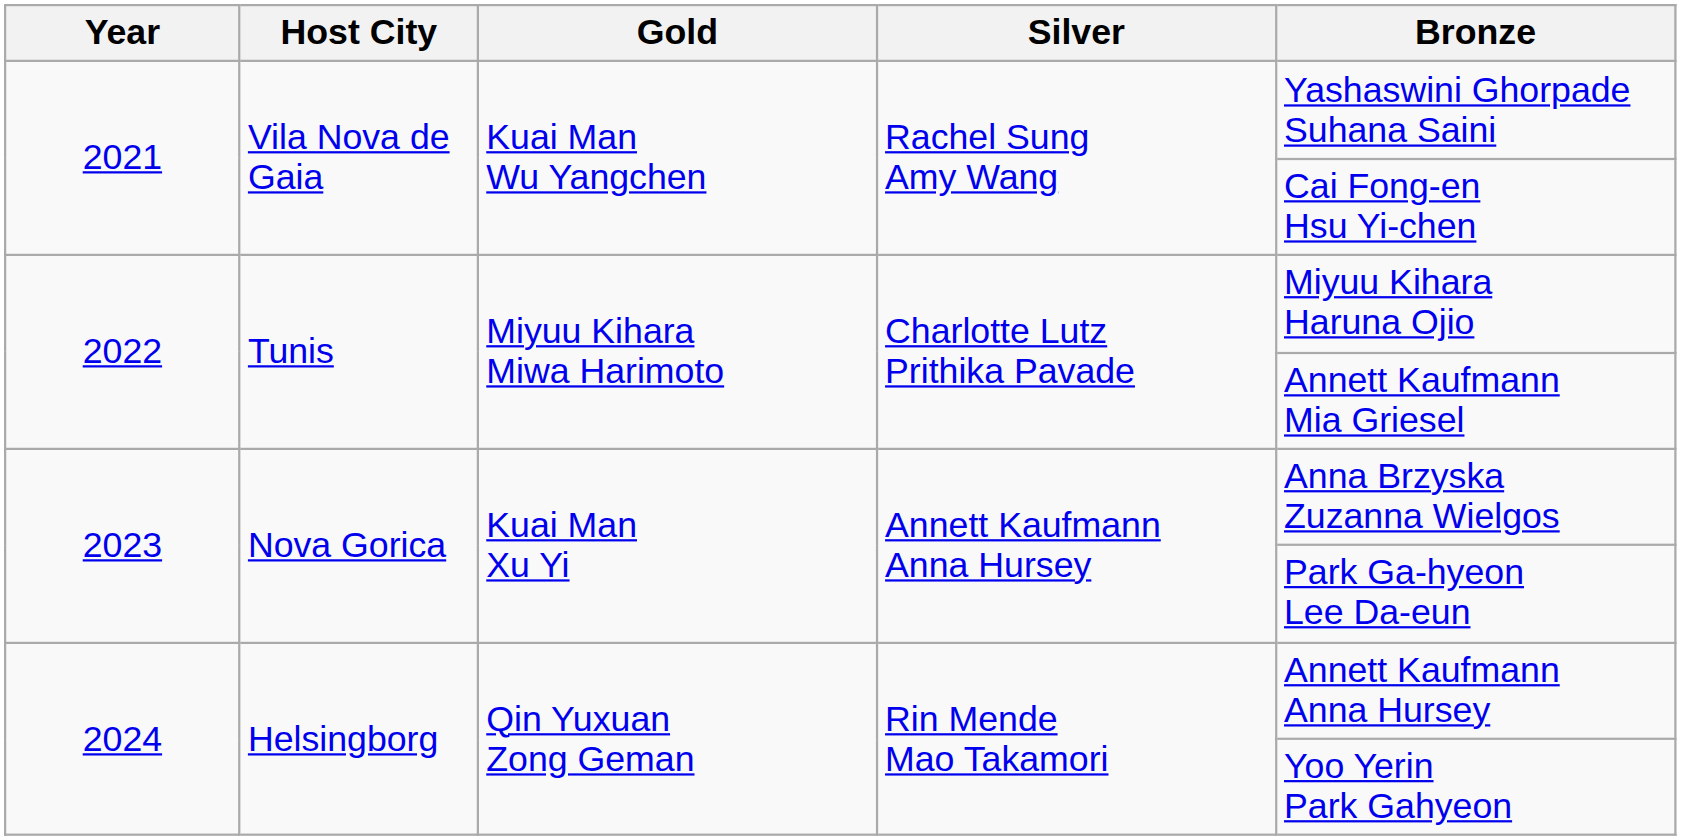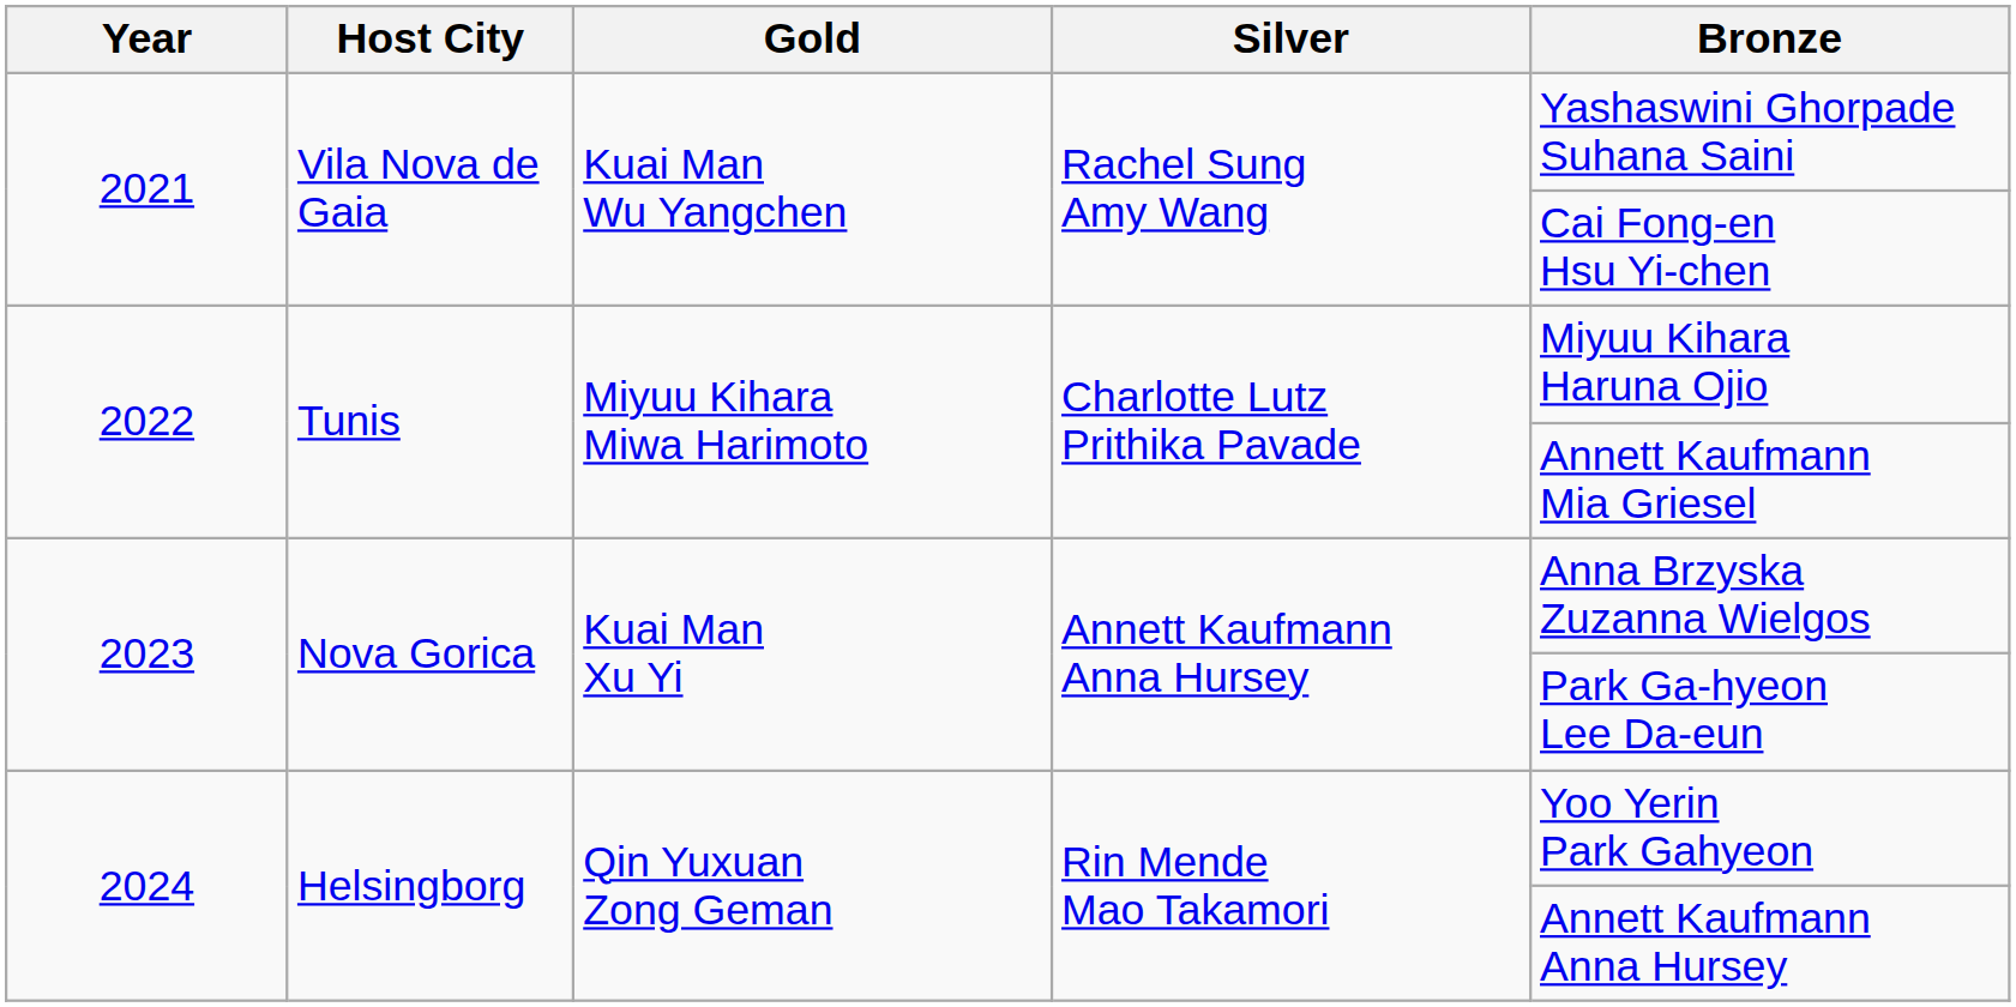 <table class="wikitable" style="text-align: left; width: 750px;">
 <tr>
 <th width="100">Year</th>
 <th width="100">Host City</th>
 <th width="175">Gold</th>
 <th width="175">Silver</th>
 <th width="175">Bronze</th>
 </tr>
 <tr>
 <td rowspan="2" style="text-align: center;"><a href='#'>2021</a></td>
 <td rowspan="2"><a href='#'>Vila Nova de Gaia</a></td>
 <td rowspan="2"> <a href='#'>Kuai Man</a><br> <a href='#'>Wu Yangchen</a></td>
 <td rowspan="2"> <a href='#'>Rachel Sung</a><br> <a href='#'>Amy Wang</a></td>
 <td> <a href='#'>Yashaswini Ghorpade</a><br> <a href='#'>Suhana Saini</a></td>
 </tr>
 <tr>
 <td> <a href='#'>Cai Fong-en</a><br> <a href='#'>Hsu Yi-chen</a></td>
 </tr>
 <tr>
 <td rowspan="2" style="text-align: center;"><a href='#'>2022</a></td>
 <td rowspan="2"><a href='#'>Tunis</a></td>
 <td rowspan="2"> <a href='#'>Miyuu Kihara</a><br> <a href='#'>Miwa Harimoto</a></td>
 <td rowspan="2"> <a href='#'>Charlotte Lutz</a><br> <a href='#'>Prithika Pavade</a></td>
 <td> <a href='#'>Miyuu Kihara</a><br> <a href='#'>Haruna Ojio</a></td>
 </tr>
 <tr>
 <td> <a href='#'>Annett Kaufmann</a><br> <a href='#'>Mia Griesel</a></td>
 </tr>
 <tr>
 <td rowspan="2" style="text-align: center;"><a href='#'>2023</a></td>
 <td rowspan="2"><a href='#'>Nova Gorica</a></td>
 <td rowspan=2> <a href='#'>Kuai Man</a><br> <a href='#'>Xu Yi</a></td>
 <td rowspan=2> <a href='#'>Annett Kaufmann</a><br> <a href='#'>Anna Hursey</a></td>
 <td> <a href='#'>Anna Brzyska</a><br> <a href='#'>Zuzanna Wielgos</a></td>
 </tr>
 <tr>
 <td> <a href='#'>Park Ga-hyeon</a><br> <a href='#'>Lee Da-eun</a></td>
 </tr>
 <tr>
 <td rowspan=2 style="text-align: center;"><a href='#'>2024</a></td>
 <td rowspan=2><a href='#'>Helsingborg</a></td>
 <td rowspan=2> <a href='#'>Qin Yuxuan</a><br> <a href='#'>Zong Geman</a></td>
 <td rowspan=2> <a href='#'>Rin Mende</a><br> <a href='#'>Mao Takamori</a></td>
+<td> <a href='#'>Yoo Yerin</a><br> <a href='#'>Park Gahyeon</a></td>
+</tr>
+<tr>
 <td> <a href='#'>Annett Kaufmann</a><br> <a href='#'>Anna Hursey</a></td>
 </tr>
-<tr>
-<td> <a href='#'>Yoo Yerin</a><br> <a href='#'>Park Gahyeon</a></td>
-</tr>
 </table>
